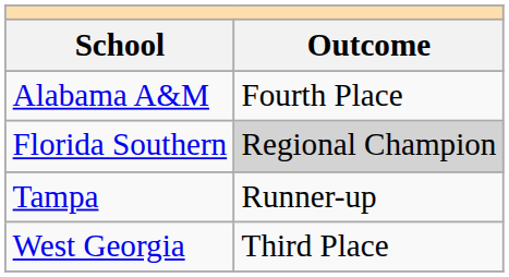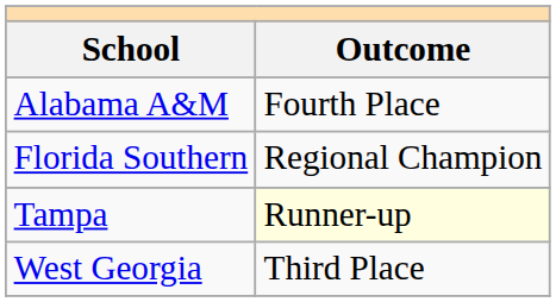 <table class="wikitable" style="float:left; margin-right:1em;">
 <tr>
 <th colspan="3" style="background:#ffdead;"></th>
 </tr>
 <tr>
 <th>School</th>
 <th>Outcome</th>
 </tr>
 <tr>
 <td><a href='#'>Alabama A&M</a></td>
 <td>Fourth Place</td>
 </tr>
 <tr>
 <td><a href='#'>Florida Southern</a></td>
-<td style="background: lightgrey;">Regional Champion</td>
+<td>Regional Champion</td>
 </tr>
 <tr>
 <td><a href='#'>Tampa</a></td>
-<td>Runner-up</td>
+<td style="background: lightyellow;">Runner-up</td>
 </tr>
 <tr>
 <td><a href='#'>West Georgia</a></td>
 <td>Third Place</td>
 </tr>
 </table>
